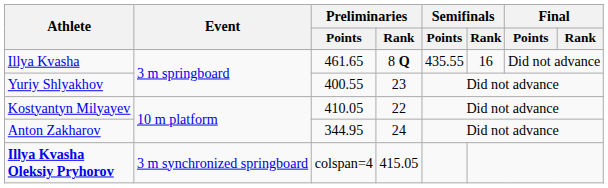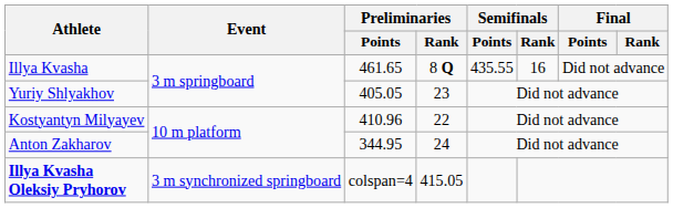 <table class="wikitable" style="font-size:90%">
 <tr>
 <th rowspan="2">Athlete</th>
 <th rowspan="2">Event</th>
 <th colspan=2>Preliminaries</th>
 <th colspan=2>Semifinals</th>
 <th colspan=2>Final</th>
 </tr>
 <tr style="font-size:95%">
 <th>Points</th>
 <th>Rank</th>
 <th>Points</th>
 <th>Rank</th>
 <th>Points</th>
 <th>Rank</th>
 </tr>
 <tr align=center>
 <td align=left><a href='#'>Illya Kvasha</a></td>
 <td align=left rowspan=2><a href='#'>3 m springboard</a></td>
 <td>461.65</td>
 <td>8 <strong>Q</strong></td>
 <td>435.55</td>
 <td>16</td>
 <td colspan=2>Did not advance</td>
 </tr>
 <tr align=center>
 <td align=left><a href='#'>Yuriy Shlyakhov</a></td>
-<td>400.55</td>
+<td>405.05</td>
 <td>23</td>
 <td colspan=4>Did not advance</td>
 </tr>
 <tr align=center>
 <td align=left><a href='#'>Kostyantyn Milyayev</a></td>
 <td align=left rowspan=2><a href='#'>10 m platform</a></td>
-<td>410.05</td>
+<td>410.96</td>
 <td>22</td>
 <td colspan=4>Did not advance</td>
 </tr>
 <tr align=center>
 <td align=left><a href='#'>Anton Zakharov</a></td>
 <td>344.95</td>
 <td>24</td>
 <td colspan=4>Did not advance</td>
 </tr>
 <tr align=center>
 <td align=left><strong><a href='#'>Illya Kvasha</a><br><a href='#'>Oleksiy Pryhorov</a></strong></td>
 <td align=left><a href='#'>3 m synchronized springboard</a></td>
 <td>colspan=4 </td>
 <td>415.05</td>
 <td></td>
 </tr>
 </table>
